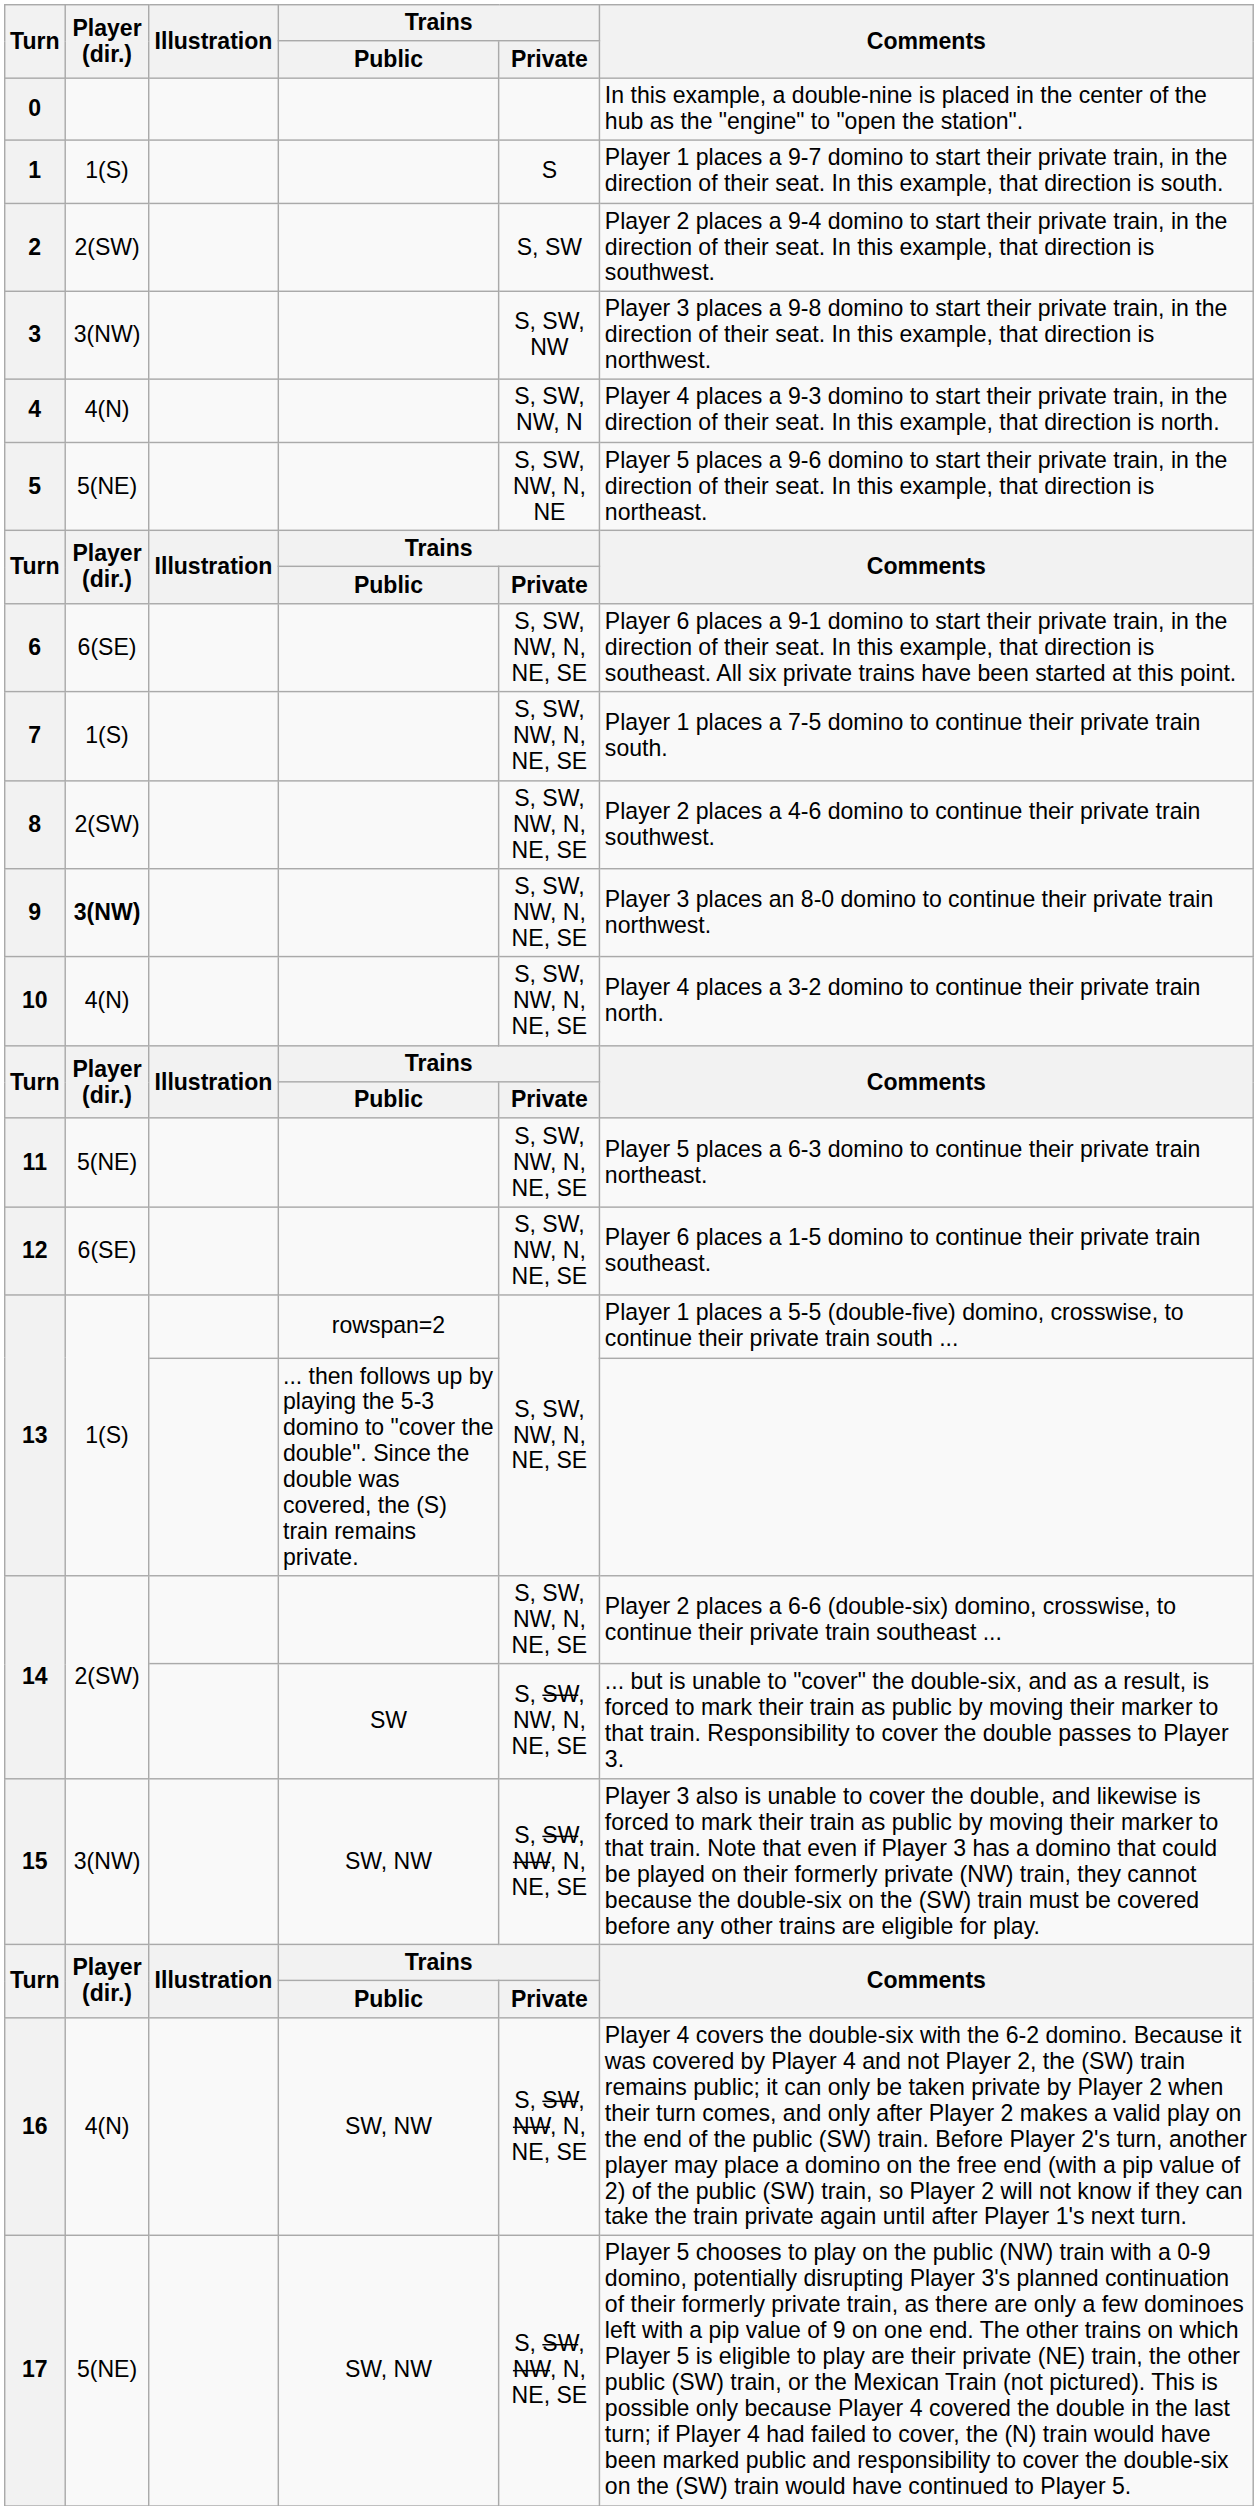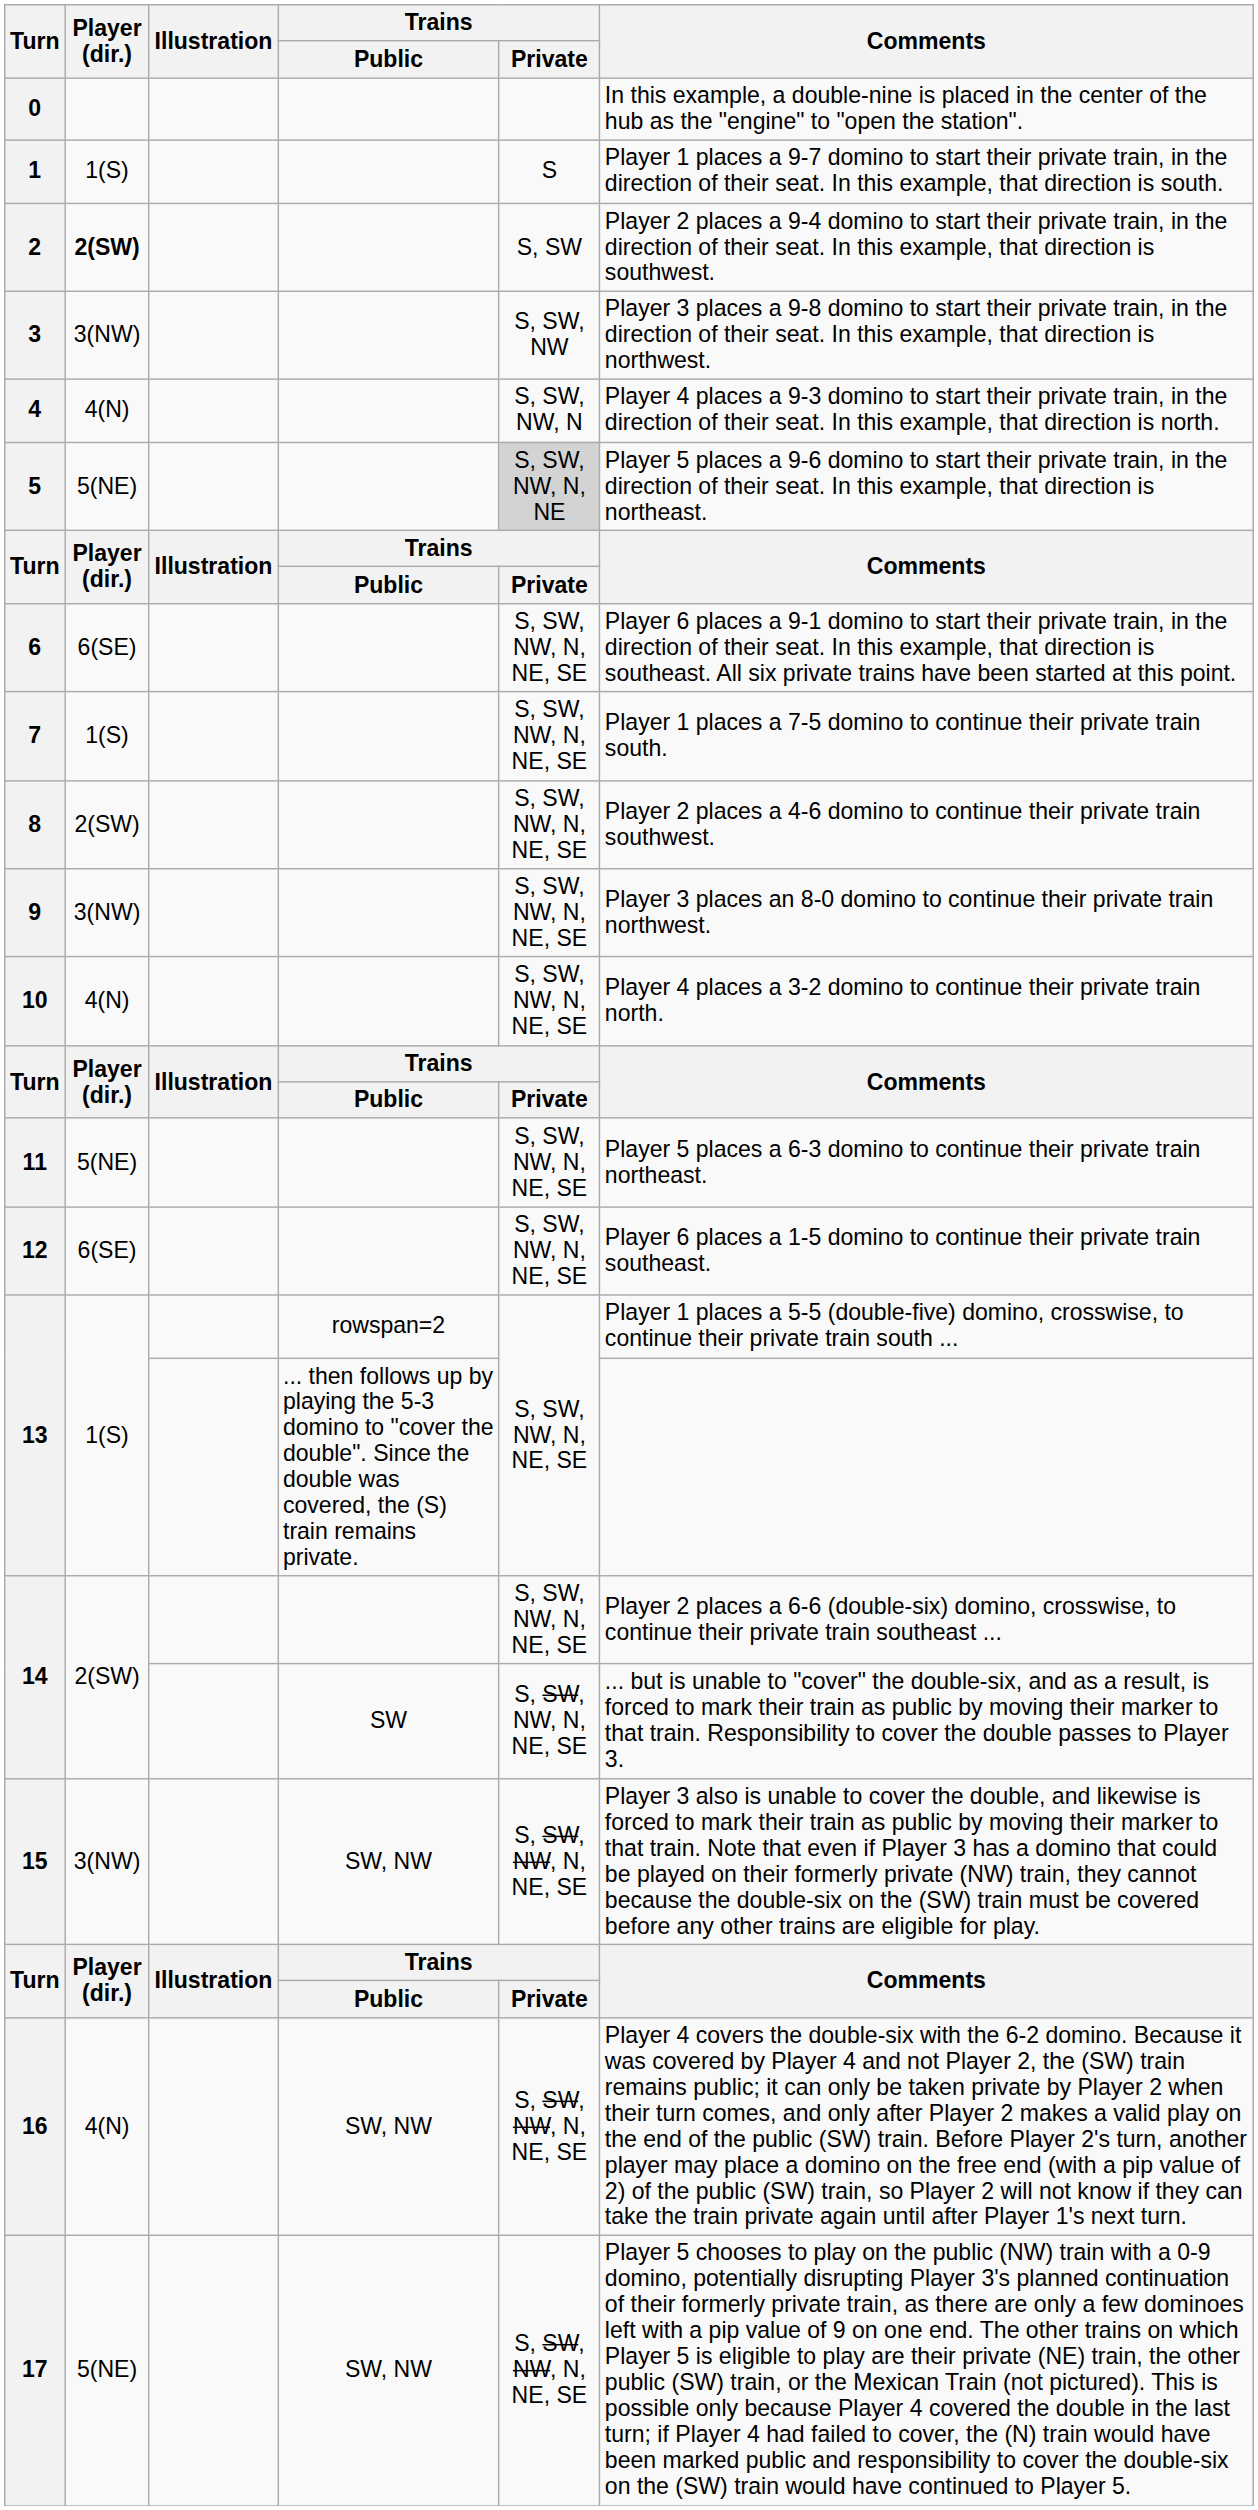 <table class="wikitable" style="font-size:100%;text-align:center;">
 <tr>
 <th rowspan=2>Turn</th>
 <th rowspan=2>Player (dir.)</th>
 <th rowspan=2>Illustration</th>
 <th colspan=2>Trains</th>
 <th rowspan=2>Comments</th>
 </tr>
 <tr>
 <th>Public</th>
 <th>Private</th>
 </tr>
 <tr>
 <th>0</th>
 <td></td>
 <td></td>
 <td></td>
 <td></td>
 <td style="text-align:left;">In this example, a double-nine is placed in the center of the hub as the "engine" to "open the station".</td>
 </tr>
 <tr>
 <th>1</th>
 <td>1(S)</td>
 <td></td>
 <td></td>
 <td>S</td>
 <td style="text-align:left;">Player 1 places a 9-7 domino to start their private train, in the direction of their seat. In this example, that direction is south.</td>
 </tr>
 <tr>
 <th>2</th>
-<td>2(SW)</td>
+<td><strong>2(SW)</strong></td>
 <td></td>
 <td></td>
 <td>S, SW</td>
 <td style="text-align:left;">Player 2 places a 9-4 domino to start their private train, in the direction of their seat. In this example, that direction is southwest.</td>
 </tr>
 <tr>
 <th>3</th>
 <td>3(NW)</td>
 <td></td>
 <td></td>
 <td>S, SW, NW</td>
 <td style="text-align:left;">Player 3 places a 9-8 domino to start their private train, in the direction of their seat. In this example, that direction is northwest.</td>
 </tr>
 <tr>
 <th>4</th>
 <td>4(N)</td>
 <td></td>
 <td></td>
 <td>S, SW, NW, N</td>
 <td style="text-align:left;">Player 4 places a 9-3 domino to start their private train, in the direction of their seat. In this example, that direction is north.</td>
 </tr>
 <tr>
 <th>5</th>
 <td>5(NE)</td>
 <td></td>
 <td></td>
-<td>S, SW, NW, N, NE</td>
+<td style="background: lightgrey;">S, SW, NW, N, NE</td>
 <td style="text-align:left;">Player 5 places a 9-6 domino to start their private train, in the direction of their seat. In this example, that direction is northeast.</td>
 </tr>
 <tr>
 <th rowspan=2>Turn</th>
 <th rowspan=2>Player (dir.)</th>
 <th rowspan=2>Illustration</th>
 <th colspan=2>Trains</th>
 <th rowspan=2>Comments</th>
 </tr>
 <tr>
 <th>Public</th>
 <th>Private</th>
 </tr>
 <tr>
 <th>6</th>
 <td>6(SE)</td>
 <td></td>
 <td></td>
 <td>S, SW, NW, N, NE, SE</td>
 <td style="text-align:left;">Player 6 places a 9-1 domino to start their private train, in the direction of their seat. In this example, that direction is southeast. All six private trains have been started at this point.</td>
 </tr>
 <tr>
 <th>7</th>
 <td>1(S)</td>
 <td></td>
 <td></td>
 <td>S, SW, NW, N, NE, SE</td>
 <td style="text-align:left;">Player 1 places a 7-5 domino to continue their private train south.</td>
 </tr>
 <tr>
 <th>8</th>
 <td>2(SW)</td>
 <td></td>
 <td></td>
 <td>S, SW, NW, N, NE, SE</td>
 <td style="text-align:left;">Player 2 places a 4-6 domino to continue their private train southwest.</td>
 </tr>
 <tr>
 <th>9</th>
-<td><strong>3(NW)</strong></td>
+<td>3(NW)</td>
 <td></td>
 <td></td>
 <td>S, SW, NW, N, NE, SE</td>
 <td style="text-align:left;">Player 3 places an 8-0 domino to continue their private train northwest.</td>
 </tr>
 <tr>
 <th>10</th>
 <td>4(N)</td>
 <td></td>
 <td></td>
 <td>S, SW, NW, N, NE, SE</td>
 <td style="text-align:left;">Player 4 places a 3-2 domino to continue their private train north.</td>
 </tr>
 <tr>
 <th rowspan=2>Turn</th>
 <th rowspan=2>Player (dir.)</th>
 <th rowspan=2>Illustration</th>
 <th colspan=2>Trains</th>
 <th rowspan=2>Comments</th>
 </tr>
 <tr>
 <th>Public</th>
 <th>Private</th>
 </tr>
 <tr>
 <th>11</th>
 <td>5(NE)</td>
 <td></td>
 <td></td>
 <td>S, SW, NW, N, NE, SE</td>
 <td style="text-align:left;">Player 5 places a 6-3 domino to continue their private train northeast.</td>
 </tr>
 <tr>
 <th>12</th>
 <td>6(SE)</td>
 <td></td>
 <td></td>
 <td>S, SW, NW, N, NE, SE</td>
 <td style="text-align:left;">Player 6 places a 1-5 domino to continue their private train southeast.</td>
 </tr>
 <tr>
 <th rowspan=2>13</th>
 <td rowspan=2>1(S)</td>
 <td></td>
 <td>rowspan=2 </td>
 <td rowspan=2>S, SW, NW, N, NE, SE</td>
 <td style="text-align:left;">Player 1 places a 5-5 (double-five) domino, crosswise, to continue their private train south ...</td>
 </tr>
 <tr>
 <td></td>
 <td style="text-align:left;">... then follows up by playing the 5-3 domino to "cover the double". Since the double was covered, the (S) train remains private.</td>
 </tr>
 <tr>
 <th rowspan=2>14</th>
 <td rowspan=2>2(SW)</td>
 <td></td>
 <td></td>
 <td>S, SW, NW, N, NE, SE</td>
 <td style="text-align:left;">Player 2 places a 6-6 (double-six) domino, crosswise, to continue their private train southeast ...</td>
 </tr>
 <tr>
 <td></td>
 <td>SW</td>
 <td>S, <s>SW</s>, NW, N, NE, SE</td>
 <td style="text-align:left;">... but is unable to "cover" the double-six, and as a result, is forced to mark their train as public by moving their marker to that train. Responsibility to cover the double passes to Player 3.</td>
 </tr>
 <tr>
 <th>15</th>
 <td>3(NW)</td>
 <td></td>
 <td>SW, NW</td>
 <td>S, <s>SW</s>, <s>NW</s>, N, NE, SE</td>
 <td style="text-align:left;">Player 3 also is unable to cover the double, and likewise is forced to mark their train as public by moving their marker to that train. Note that even if Player 3 has a domino that could be played on their formerly private (NW) train, they cannot because the double-six on the (SW) train must be covered before any other trains are eligible for play.</td>
 </tr>
 <tr>
 <th rowspan=2>Turn</th>
 <th rowspan=2>Player (dir.)</th>
 <th rowspan=2>Illustration</th>
 <th colspan=2>Trains</th>
 <th rowspan=2>Comments</th>
 </tr>
 <tr>
 <th>Public</th>
 <th>Private</th>
 </tr>
 <tr>
 <th>16</th>
 <td>4(N)</td>
 <td></td>
 <td>SW, NW</td>
 <td>S, <s>SW</s>, <s>NW</s>, N, NE, SE</td>
 <td style="text-align:left;">Player 4 covers the double-six with the 6-2 domino. Because it was covered by Player 4 and not Player 2, the (SW) train remains public; it can only be taken private by Player 2 when their turn comes, and only after Player 2 makes a valid play on the end of the public (SW) train. Before Player 2's turn, another player may place a domino on the free end (with a pip value of 2) of the public (SW) train, so Player 2 will not know if they can take the train private again until after Player 1's next turn.</td>
 </tr>
 <tr>
 <th>17</th>
 <td>5(NE)</td>
 <td></td>
 <td>SW, NW</td>
 <td>S, <s>SW</s>, <s>NW</s>, N, NE, SE</td>
 <td style="text-align:left;">Player 5 chooses to play on the public (NW) train with a 0-9 domino, potentially disrupting Player 3's planned continuation of their formerly private train, as there are only a few dominoes left with a pip value of 9 on one end. The other trains on which Player 5 is eligible to play are their private (NE) train, the other public (SW) train, or the Mexican Train (not pictured). This is possible only because Player 4 covered the double in the last turn; if Player 4 had failed to cover, the (N) train would have been marked public and responsibility to cover the double-six on the (SW) train would have continued to Player 5.</td>
 </tr>
 </table>
